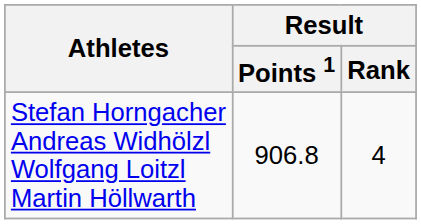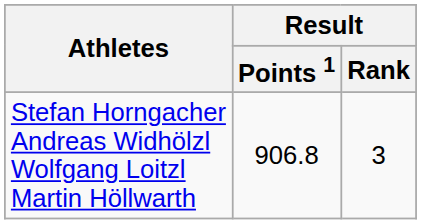 <table class="wikitable" border="1" style="font-size:90%">
 <tr>
 <th rowspan=2>Athletes</th>
 <th colspan=2>Result</th>
 </tr>
 <tr>
 <th>Points <sup>1</sup></th>
 <th>Rank</th>
 </tr>
 <tr>
 <td><a href='#'>Stefan Horngacher</a><br><a href='#'>Andreas Widhölzl</a><br><a href='#'>Wolfgang Loitzl</a><br><a href='#'>Martin Höllwarth</a></td>
 <td align=center>906.8</td>
-<td align=center>4</td>
+<td align=center>3</td>
 </tr>
 </table>
